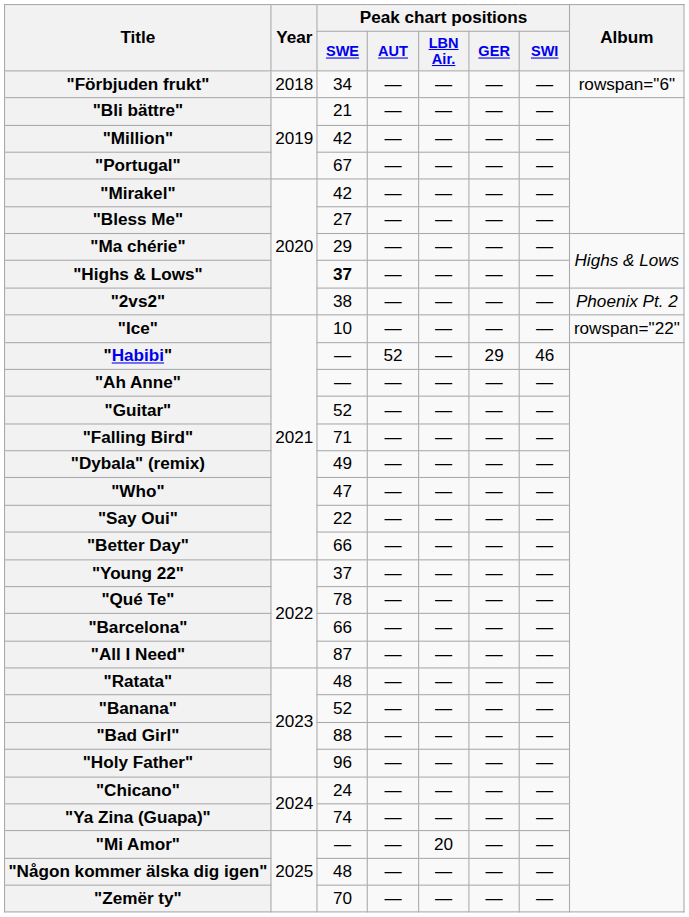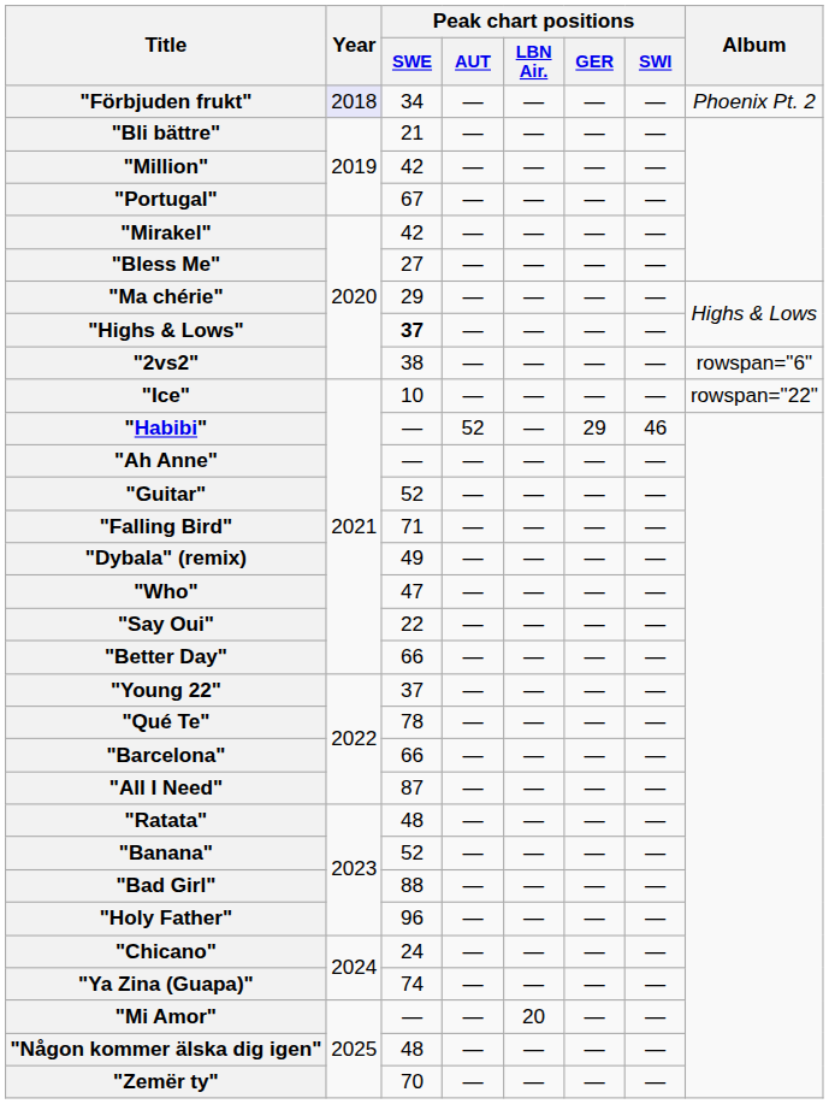 <table class="wikitable plainrowheaders" style="text-align:center;">
 <tr>
 <th scope="col" rowspan="2">Title</th>
 <th scope="col" rowspan="2">Year</th>
 <th scope="col" colspan="5">Peak chart positions</th>
 <th scope="col" rowspan="2">Album</th>
 </tr>
 <tr>
 <th scope="col" style="width:3em;font-size:85%;"><a href='#'>SWE</a><br></th>
 <th scope="col" style="width:3em;font-size:85%;"><a href='#'>AUT</a><br></th>
 <th scope="col" style="width:3em;font-size:85%;"><a href='#'>LBN<br>Air.</a><br></th>
 <th scope="col" style="width:3em;font-size:85%;"><a href='#'>GER</a><br></th>
 <th scope="col" style="width:3em;font-size:85%;"><a href='#'>SWI</a><br></th>
 </tr>
 <tr>
 <th scope="row">"Förbjuden frukt"<br></th>
-<td>2018</td>
+<td style="background: lavender;">2018</td>
 <td>34<br></td>
 <td>—</td>
 <td>—</td>
 <td>—</td>
 <td>—</td>
-<td>rowspan="6" </td>
+<td><em>Phoenix Pt. 2</em></td>
 </tr>
 <tr>
 <th scope="row">"Bli bättre"<br></th>
 <td rowspan="3">2019</td>
 <td>21<br></td>
 <td>—</td>
 <td>—</td>
 <td>—</td>
 <td>—</td>
 </tr>
 <tr>
 <th scope="row">"Million"<br></th>
 <td>42<br></td>
 <td>—</td>
 <td>—</td>
 <td>—</td>
 <td>—</td>
 </tr>
 <tr>
 <th scope="row">"Portugal"</th>
 <td>67</td>
 <td>—</td>
 <td>—</td>
 <td>—</td>
 <td>—</td>
 </tr>
 <tr>
 <th scope="row">"Mirakel"<br></th>
 <td rowspan="5">2020</td>
 <td>42<br></td>
 <td>—</td>
 <td>—</td>
 <td>—</td>
 <td>—</td>
 </tr>
 <tr>
 <th scope="row">"Bless Me"</th>
 <td>27</td>
 <td>—</td>
 <td>—</td>
 <td>—</td>
 <td>—</td>
 </tr>
 <tr>
 <th scope="row">"Ma chérie"</th>
 <td>29</td>
 <td>—</td>
 <td>—</td>
 <td>—</td>
 <td>—</td>
 <td rowspan="2"><em>Highs & Lows</em></td>
 </tr>
 <tr>
 <th scope="row">"Highs & Lows"</th>
 <td><strong>37</strong></td>
 <td>—</td>
 <td>—</td>
 <td>—</td>
 <td>—</td>
 </tr>
 <tr>
 <th scope="row">"2vs2"<br></th>
 <td>38<br></td>
 <td>—</td>
 <td>—</td>
 <td>—</td>
 <td>—</td>
-<td><em>Phoenix Pt. 2</em></td>
+<td>rowspan="6" </td>
 </tr>
 <tr>
 <th scope="row">"Ice"</th>
 <td rowspan="9">2021</td>
 <td>10</td>
 <td>—</td>
 <td>—</td>
 <td>—</td>
 <td>—</td>
 <td>rowspan="22" </td>
 </tr>
 <tr>
 <th scope="row">"<a href='#'>Habibi</a>"<br></th>
 <td>—</td>
 <td>52</td>
 <td>—</td>
 <td>29</td>
 <td>46</td>
 </tr>
 <tr>
 <th scope="row">"Ah Anne"<br></th>
 <td>—</td>
 <td>—</td>
 <td>—</td>
 <td>—</td>
 <td>—</td>
 </tr>
 <tr>
 <th scope="row">"Guitar"<br></th>
 <td>52<br></td>
 <td>—</td>
 <td>—</td>
 <td>—</td>
 <td>—</td>
 </tr>
 <tr>
 <th scope="row">"Falling Bird"</th>
 <td>71<br></td>
 <td>—</td>
 <td>—</td>
 <td>—</td>
 <td>—</td>
 </tr>
 <tr>
 <th scope="row">"Dybala" (remix)<br></th>
 <td>49<br></td>
 <td>—</td>
 <td>—</td>
 <td>—</td>
 <td>—</td>
 </tr>
 <tr>
 <th scope="row">"Who"</th>
 <td>47<br></td>
 <td>—</td>
 <td>—</td>
 <td>—</td>
 <td>—</td>
 </tr>
 <tr>
 <th scope="row">"Say Oui"<br></th>
 <td>22<br></td>
 <td>—</td>
 <td>—</td>
 <td>—</td>
 <td>—</td>
 </tr>
 <tr>
 <th scope="row">"Better Day"<br></th>
 <td>66<br></td>
 <td>—</td>
 <td>—</td>
 <td>—</td>
 <td>—</td>
 </tr>
 <tr>
 <th scope="row">"Young 22"</th>
 <td rowspan="4">2022</td>
 <td>37<br></td>
 <td>—</td>
 <td>—</td>
 <td>—</td>
 <td>—</td>
 </tr>
 <tr>
 <th scope="row">"Qué Te"</th>
 <td>78<br></td>
 <td>—</td>
 <td>—</td>
 <td>—</td>
 <td>—</td>
 </tr>
 <tr>
 <th scope="row">"Barcelona"</th>
 <td>66<br></td>
 <td>—</td>
 <td>—</td>
 <td>—</td>
 <td>—</td>
 </tr>
 <tr>
 <th scope="row">"All I Need"<br></th>
 <td>87<br></td>
 <td>—</td>
 <td>—</td>
 <td>—</td>
 <td>—</td>
 </tr>
 <tr>
 <th scope="row">"Ratata"</th>
 <td rowspan="4">2023</td>
 <td>48<br></td>
 <td>—</td>
 <td>—</td>
 <td>—</td>
 <td>—</td>
 </tr>
 <tr>
 <th scope="row">"Banana"<br></th>
 <td>52<br></td>
 <td>—</td>
 <td>—</td>
 <td>—</td>
 <td>—</td>
 </tr>
 <tr>
 <th scope="row">"Bad Girl"<br></th>
 <td>88<br></td>
 <td>—</td>
 <td>—</td>
 <td>—</td>
 <td>—</td>
 </tr>
 <tr>
 <th scope="row">"Holy Father"</th>
 <td>96<br></td>
 <td>—</td>
 <td>—</td>
 <td>—</td>
 <td>—</td>
 </tr>
 <tr>
 <th scope="row">"Chicano"<br></th>
 <td rowspan="2">2024</td>
 <td>24<br></td>
 <td>—</td>
 <td>—</td>
 <td>—</td>
 <td>—</td>
 </tr>
 <tr>
 <th scope="row">"Ya Zina (Guapa)"</th>
 <td>74<br></td>
 <td>—</td>
 <td>—</td>
 <td>—</td>
 <td>—</td>
 </tr>
 <tr>
 <th scope="row">"Mi Amor"<br></th>
 <td rowspan="3">2025</td>
 <td>—</td>
 <td>—</td>
 <td>20</td>
 <td>—</td>
 <td>—</td>
 </tr>
 <tr>
 <th scope="row">"Någon kommer älska dig igen"<br></th>
 <td>48<br></td>
 <td>—</td>
 <td>—</td>
 <td>—</td>
 <td>—</td>
 </tr>
 <tr>
 <th scope="row">"Zemër ty"<br></th>
 <td>70<br></td>
 <td>—</td>
 <td>—</td>
 <td>—</td>
 <td>—</td>
 </tr>
 </table>
